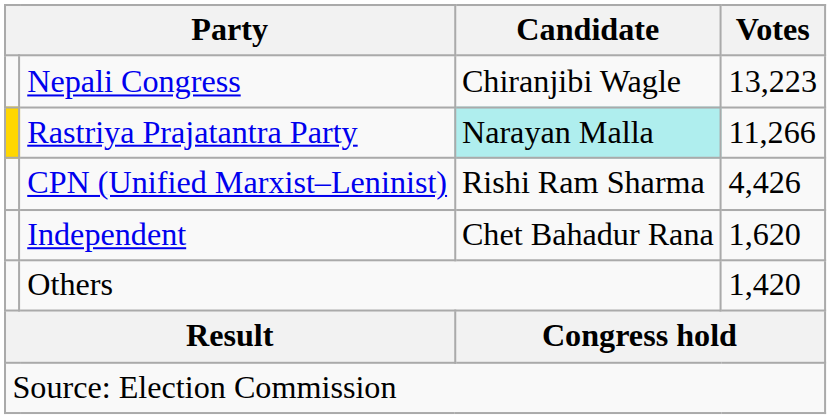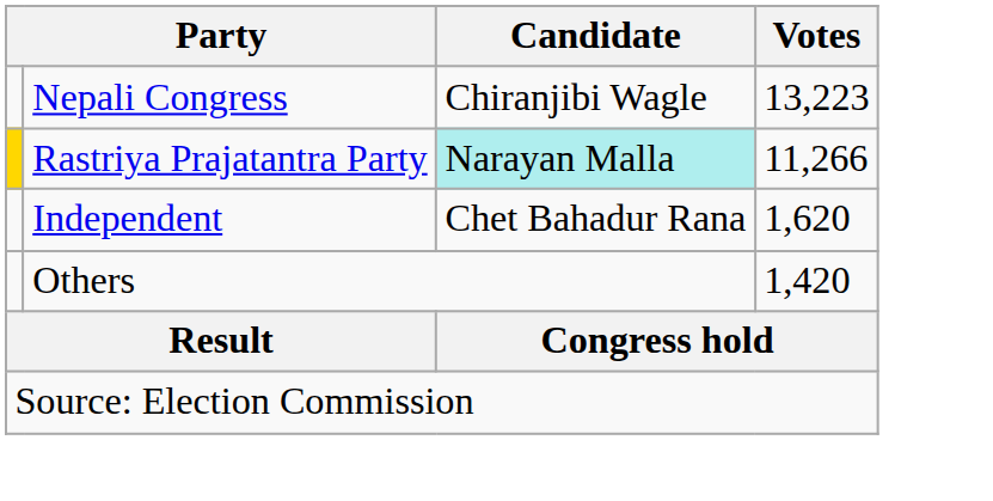 <table class="wikitable">
 <tr>
 <th colspan="2">Party</th>
 <th>Candidate</th>
 <th>Votes</th>
 </tr>
 <tr>
 <td style="background-color:"></td>
 <td><a href='#'>Nepali Congress</a></td>
 <td>Chiranjibi Wagle</td>
 <td>13,223</td>
 </tr>
 <tr>
 <td style="background-color:gold"></td>
 <td><a href='#'>Rastriya Prajatantra Party</a></td>
 <td style="background: paleturquoise;">Narayan Malla</td>
 <td>11,266</td>
 </tr>
 <tr>
 <td style="background-color:"></td>
-<td><a href='#'>CPN (Unified Marxist–Leninist)</a></td>
-<td>Rishi Ram Sharma</td>
-<td>4,426</td>
-</tr>
-<tr>
-<td style="background-color:"></td>
 <td><a href='#'>Independent</a></td>
 <td>Chet Bahadur Rana</td>
 <td>1,620</td>
 </tr>
 <tr>
 <td></td>
 <td colspan="2">Others</td>
 <td>1,420</td>
 </tr>
 <tr>
 <th colspan="2">Result</th>
 <th colspan="2">Congress hold</th>
 </tr>
 <tr>
 <td colspan="4">Source: Election Commission</td>
 </tr>
 </table>
